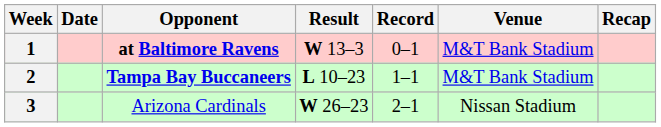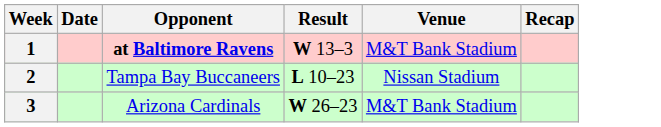 <table class="wikitable" style="text-align:center">
 <tr>
 <th>Week</th>
 <th>Date</th>
 <th>Opponent</th>
 <th>Result</th>
-<th>Record</th>
 <th>Venue</th>
 <th>Recap</th>
 </tr>
 <tr style="background:#fcc">
 <th>1</th>
 <td></td>
 <td><strong>at <a href='#'>Baltimore Ravens</a></strong></td>
 <td><strong>W</strong> 13–3</td>
-<td>0–1</td>
 <td><a href='#'>M&T Bank Stadium</a></td>
 <td></td>
 </tr>
 <tr style="background:#cfc">
 <th>2</th>
 <td></td>
-<td><strong><a href='#'>Tampa Bay Buccaneers</a></strong></td>
+<td><a href='#'>Tampa Bay Buccaneers</a></td>
 <td><strong>L</strong> 10–23</td>
-<td>1–1</td>
-<td><a href='#'>M&T Bank Stadium</a></td>
+<td><a href='#'>Nissan Stadium</a></td>
 <td></td>
 </tr>
 <tr style="background:#cfc">
 <th>3</th>
 <td></td>
 <td><a href='#'>Arizona Cardinals</a></td>
 <td><strong>W</strong> 26–23</td>
-<td>2–1</td>
-<td>Nissan Stadium</td>
+<td><a href='#'>M&T Bank Stadium</a></td>
 <td></td>
 </tr>
 </table>
